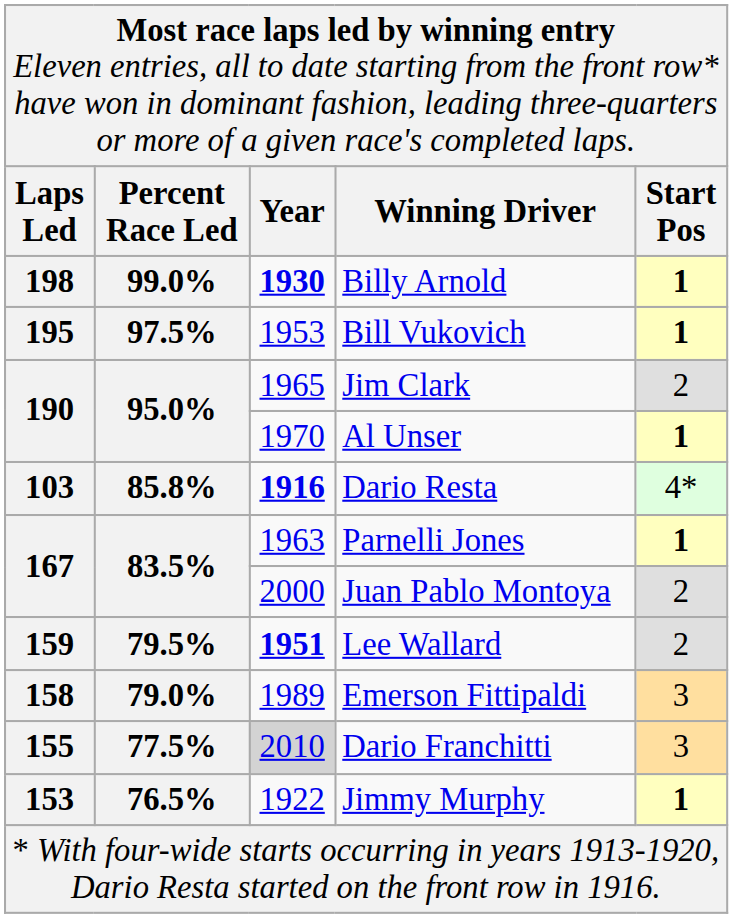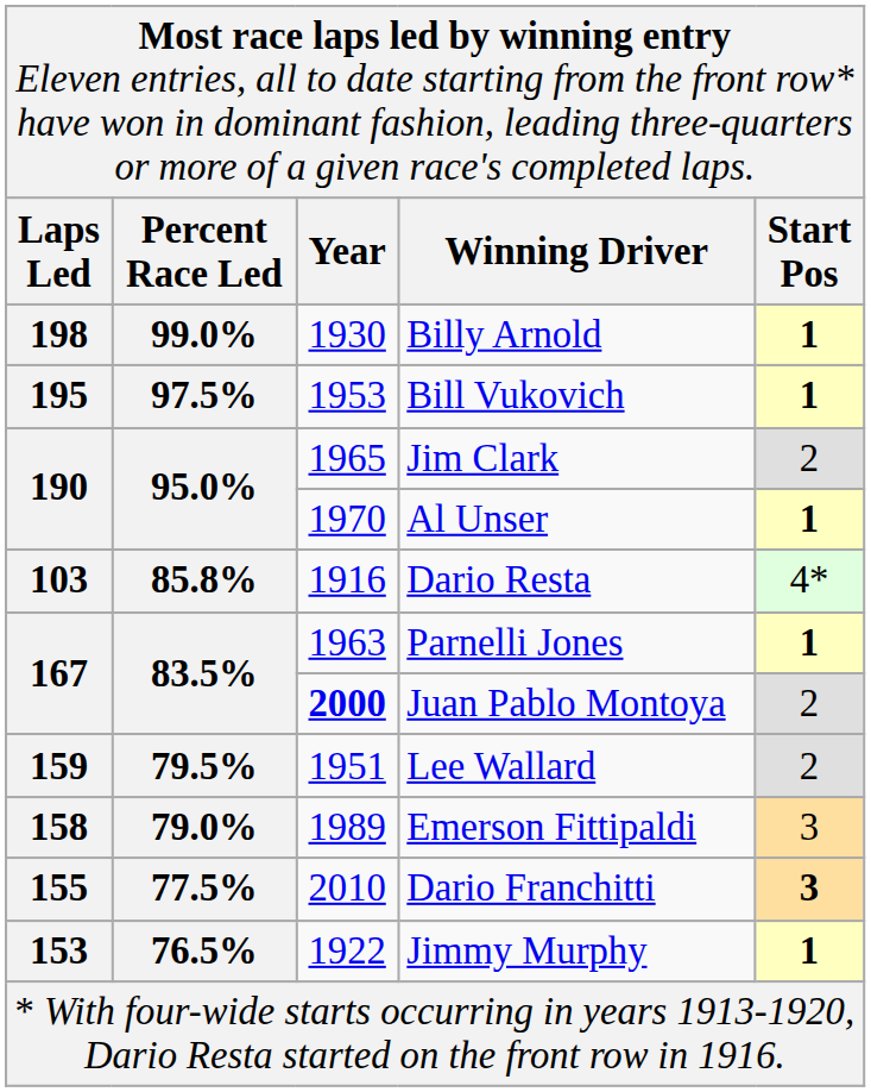 <table class="wikitable">
 <tr>
 <td style="background:#F2F2F2; text-align: center;" colspan="5"><strong>Most race laps led by winning entry</strong><br><em>Eleven entries, all to date starting from the front row*<br>have won in dominant fashion, leading three-quarters<br>or more of a given race's completed laps.</em></td>
 </tr>
 <tr>
 <td style="background:#F2F2F2; text-align: center;"><strong>Laps<br>Led</strong></td>
 <td style="background:#F2F2F2; text-align: center;"><strong>Percent<br>Race Led</strong></td>
 <td style="background:#F2F2F2; text-align: center;"><strong>Year</strong></td>
 <td style="background:#F2F2F2; text-align: center;"><strong>Winning Driver</strong></td>
 <td style="background:#F2F2F2; text-align: center;"><strong>Start<br>Pos</strong></td>
 </tr>
 <tr>
 <td style="background:#F2F2F2; text-align: center;"><strong>198</strong></td>
 <td style="background:#F2F2F2; text-align: center;"><strong>99.0%</strong></td>
-<td style="text-align: center;"><strong><a href='#'>1930</a></strong></td>
+<td style="text-align: center;"><a href='#'>1930</a></td>
 <td> <a href='#'>Billy Arnold</a></td>
 <td style="background:#FFFFBF; text-align: center;"><strong>1</strong></td>
 </tr>
 <tr>
 <td style="background:#F2F2F2; text-align: center;"><strong>195</strong></td>
 <td style="background:#F2F2F2; text-align: center;"><strong>97.5%</strong></td>
 <td style="text-align: center;"><a href='#'>1953</a></td>
 <td> <a href='#'>Bill Vukovich</a></td>
 <td style="background:#FFFFBF; text-align: center;"><strong>1</strong></td>
 </tr>
 <tr>
 <td style="background:#F2F2F2; text-align: center;" rowspan="2"><strong>190</strong></td>
 <td style="background:#F2F2F2; text-align: center;" rowspan="2"><strong>95.0%</strong></td>
 <td style="text-align: center;"><a href='#'>1965</a></td>
 <td> <a href='#'>Jim Clark</a></td>
 <td style="background:#DFDFDF; text-align: center;">2</td>
 </tr>
 <tr>
 <td style="text-align: center;"><a href='#'>1970</a></td>
 <td> <a href='#'>Al Unser</a></td>
 <td style="background:#FFFFBF; text-align: center;"><strong>1</strong></td>
 </tr>
 <tr>
 <td style="background:#F2F2F2; text-align: center;"><strong>103</strong></td>
 <td style="background:#F2F2F2; text-align: center;"><strong>85.8%</strong></td>
-<td style="text-align: center;"><strong><a href='#'>1916</a></strong></td>
+<td style="text-align: center;"><a href='#'>1916</a></td>
 <td> <a href='#'>Dario Resta</a></td>
 <td style="background:#DFFFDF; text-align: center;">4*</td>
 </tr>
 <tr>
 <td style="background:#F2F2F2; text-align: center;" rowspan="2"><strong>167</strong></td>
 <td style="background:#F2F2F2; text-align: center;" rowspan="2"><strong>83.5%</strong></td>
 <td style="text-align: center;"><a href='#'>1963</a></td>
 <td> <a href='#'>Parnelli Jones</a></td>
 <td style="background:#FFFFBF; text-align: center;"><strong>1</strong></td>
 </tr>
 <tr>
-<td style="text-align: center;"><a href='#'>2000</a></td>
+<td style="text-align: center;"><strong><a href='#'>2000</a></strong></td>
 <td> <a href='#'>Juan Pablo Montoya</a></td>
 <td style="background:#DFDFDF; text-align: center;">2</td>
 </tr>
 <tr>
 <td style="background:#F2F2F2; text-align: center;"><strong>159</strong></td>
 <td style="background:#F2F2F2; text-align: center;"><strong>79.5%</strong></td>
-<td style="text-align: center;"><strong><a href='#'>1951</a></strong></td>
+<td style="text-align: center;"><a href='#'>1951</a></td>
 <td> <a href='#'>Lee Wallard</a></td>
 <td style="background:#DFDFDF; text-align: center;">2</td>
 </tr>
 <tr>
 <td style="background:#F2F2F2; text-align: center;"><strong>158</strong></td>
 <td style="background:#F2F2F2; text-align: center;"><strong>79.0%</strong></td>
 <td style="text-align: center;"><a href='#'>1989</a></td>
 <td> <a href='#'>Emerson Fittipaldi</a></td>
 <td style="background:#FFDF9F; text-align: center;">3</td>
 </tr>
 <tr>
 <td style="background:#F2F2F2; text-align: center;"><strong>155</strong></td>
 <td style="background:#F2F2F2; text-align: center;"><strong>77.5%</strong></td>
-<td style="background: lightgrey; text-align: center;"><a href='#'>2010</a></td>
+<td style="text-align: center;"><a href='#'>2010</a></td>
 <td> <a href='#'>Dario Franchitti</a></td>
-<td style="background:#FFDF9F; text-align: center;">3</td>
+<td style="background:#FFDF9F; text-align: center;"><strong>3</strong></td>
 </tr>
 <tr>
 <td style="background:#F2F2F2; text-align: center;"><strong>153</strong></td>
 <td style="background:#F2F2F2; text-align: center;"><strong>76.5%</strong></td>
 <td style="text-align: center;"><a href='#'>1922</a></td>
 <td> <a href='#'>Jimmy Murphy</a></td>
 <td style="background:#FFFFBF; text-align: center;"><strong>1</strong></td>
 </tr>
 <tr>
 <td style="background:#F2F2F2; text-align: center;" colspan="5">* <em>With four-wide starts occurring in years 1913-1920,<br> Dario Resta started on the front row in 1916.</em></td>
 </tr>
 </table>
